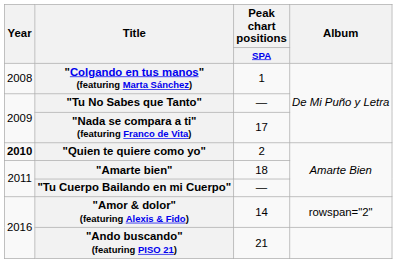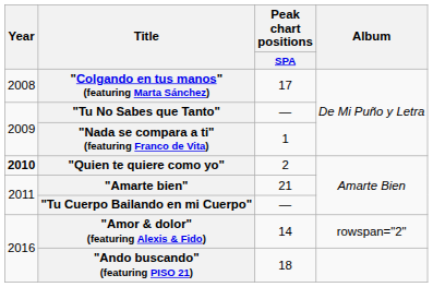 <table class="wikitable plainrowheaders" style="text-align:center;" border="1">
 <tr>
 <th scope="col" rowspan="2">Year</th>
 <th scope="col" rowspan="2">Title</th>
 <th scope="col" colspan="1">Peak chart positions</th>
 <th scope="col" rowspan="2">Album</th>
 </tr>
 <tr>
 <th scope="col" style="width:4em;font-size:85%;"><a href='#'>SPA</a><br></th>
 </tr>
 <tr>
 <td>2008</td>
 <th scope="row">"<a href='#'>Colgando en tus manos</a>"<br><small>(featuring <a href='#'>Marta Sánchez</a>)</small></th>
-<td>1</td>
+<td>17</td>
 <td rowspan="3"><em>De Mi Puño y Letra</em></td>
 </tr>
 <tr>
 <td rowspan="2">2009</td>
 <th scope="row">"Tu No Sabes que Tanto"</th>
 <td>—</td>
 </tr>
 <tr>
 <th scope="row">"Nada se compara a ti"<br><small>(featuring <a href='#'>Franco de Vita</a>)</small></th>
-<td>17</td>
+<td>1</td>
 </tr>
 <tr>
 <td><strong>2010</strong></td>
 <th scope="row">"Quien te quiere como yo"</th>
 <td>2</td>
 <td rowspan="3"><em>Amarte Bien</em></td>
 </tr>
 <tr>
 <td rowspan="2">2011</td>
 <th scope="row">"Amarte bien"</th>
-<td>18</td>
+<td>21</td>
 </tr>
 <tr>
 <th scope="row">"Tu Cuerpo Bailando en mi Cuerpo"</th>
 <td>—</td>
 </tr>
 <tr>
 <td rowspan="2">2016</td>
 <th scope="row">"Amor & dolor"<br><small>(featuring <a href='#'>Alexis & Fido</a>)</small></th>
 <td>14</td>
 <td>rowspan="2" </td>
 </tr>
 <tr>
 <th scope="row">"Ando buscando"<br><small>(featuring <a href='#'>PISO 21</a>)</small></th>
-<td>21</td>
+<td>18</td>
 </tr>
 </table>
